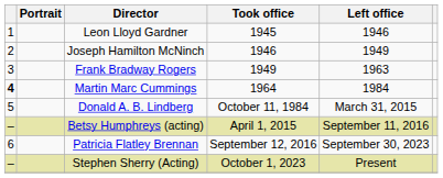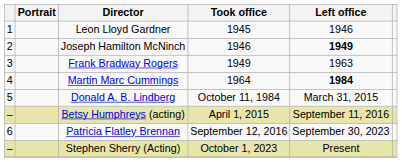 <table class=wikitable style="text-align:center">
 <tr>
 <th></th>
 <th>Portrait</th>
 <th>Director</th>
 <th>Took office</th>
 <th>Left office</th>
 <th></th>
 </tr>
 <tr>
 <td>1</td>
 <td></td>
 <td>Leon Lloyd Gardner</td>
 <td>1945</td>
 <td>1946</td>
 <td></td>
 </tr>
 <tr>
 <td>2</td>
 <td></td>
 <td>Joseph Hamilton McNinch</td>
 <td>1946</td>
-<td>1949</td>
+<td><strong>1949</strong></td>
 <td></td>
 </tr>
 <tr>
 <td>3</td>
 <td></td>
 <td><a href='#'>Frank Bradway Rogers</a></td>
 <td>1949</td>
 <td>1963</td>
 <td></td>
 </tr>
 <tr>
-<td><strong>4</strong></td>
+<td>4</td>
 <td></td>
 <td><a href='#'>Martin Marc Cummings</a></td>
 <td>1964</td>
-<td>1984</td>
+<td><strong>1984</strong></td>
 <td></td>
 </tr>
 <tr>
 <td>5</td>
 <td></td>
 <td><a href='#'>Donald A. B. Lindberg</a></td>
 <td>October 11, 1984</td>
 <td>March 31, 2015</td>
 <td></td>
 </tr>
 <tr bgcolor="#e6e6aa">
 <td>–</td>
 <td></td>
 <td><a href='#'>Betsy Humphreys</a> (acting)</td>
 <td>April 1, 2015</td>
 <td>September 11, 2016</td>
 <td></td>
 </tr>
 <tr>
 <td>6</td>
 <td></td>
 <td><a href='#'>Patricia Flatley Brennan</a></td>
 <td>September 12, 2016</td>
 <td>September 30, 2023</td>
 <td></td>
 </tr>
 <tr bgcolor="#e6e6aa">
 <td>–</td>
 <td></td>
 <td>Stephen Sherry (Acting)</td>
 <td>October 1, 2023</td>
 <td>Present</td>
 <td></td>
 </tr>
 <tr>
 </tr>
 </table>
